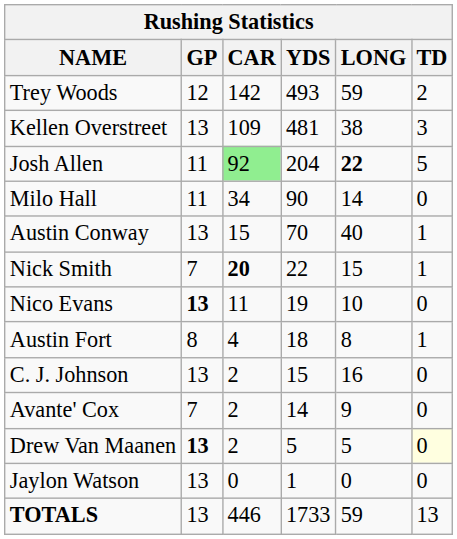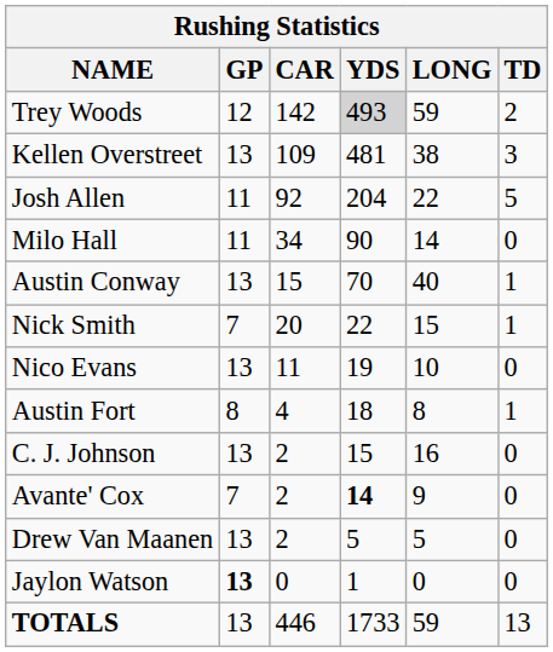 <table class="wikitable sortable collapsible collapsed">
 <tr>
 <th colspan="7">Rushing Statistics</th>
 </tr>
 <tr>
 <th>NAME</th>
 <th>GP</th>
 <th>CAR</th>
 <th>YDS</th>
 <th>LONG</th>
 <th>TD</th>
 </tr>
 <tr>
 <td>Trey Woods</td>
 <td>12</td>
 <td>142</td>
-<td>493</td>
+<td style="background: lightgrey;">493</td>
 <td>59</td>
 <td>2</td>
 </tr>
 <tr>
 <td>Kellen Overstreet</td>
 <td>13</td>
 <td>109</td>
 <td>481</td>
 <td>38</td>
 <td>3</td>
 </tr>
 <tr>
 <td>Josh Allen</td>
 <td>11</td>
-<td style="background: lightgreen;">92</td>
+<td>92</td>
 <td>204</td>
-<td><strong>22</strong></td>
+<td>22</td>
 <td>5</td>
 </tr>
 <tr>
 <td>Milo Hall</td>
 <td>11</td>
 <td>34</td>
 <td>90</td>
 <td>14</td>
 <td>0</td>
 </tr>
 <tr>
 <td>Austin Conway</td>
 <td>13</td>
 <td>15</td>
 <td>70</td>
 <td>40</td>
 <td>1</td>
 </tr>
 <tr>
 <td>Nick Smith</td>
 <td>7</td>
-<td><strong>20</strong></td>
+<td>20</td>
 <td>22</td>
 <td>15</td>
 <td>1</td>
 </tr>
 <tr>
 <td>Nico Evans</td>
-<td><strong>13</strong></td>
+<td>13</td>
 <td>11</td>
 <td>19</td>
 <td>10</td>
 <td>0</td>
 </tr>
 <tr>
 <td>Austin Fort</td>
 <td>8</td>
 <td>4</td>
 <td>18</td>
 <td>8</td>
 <td>1</td>
 </tr>
 <tr>
 <td>C. J. Johnson</td>
 <td>13</td>
 <td>2</td>
 <td>15</td>
 <td>16</td>
 <td>0</td>
 </tr>
 <tr>
 <td>Avante' Cox</td>
 <td>7</td>
 <td>2</td>
-<td>14</td>
+<td><strong>14</strong></td>
 <td>9</td>
 <td>0</td>
 </tr>
 <tr>
 <td>Drew Van Maanen</td>
-<td><strong>13</strong></td>
+<td>13</td>
 <td>2</td>
 <td>5</td>
 <td>5</td>
-<td style="background: lightyellow;">0</td>
+<td>0</td>
 </tr>
 <tr>
 <td>Jaylon Watson</td>
-<td>13</td>
+<td><strong>13</strong></td>
 <td>0</td>
 <td>1</td>
 <td>0</td>
 <td>0</td>
 </tr>
 <tr>
 <td><strong>TOTALS</strong></td>
 <td>13</td>
 <td>446</td>
 <td>1733</td>
 <td>59</td>
 <td>13</td>
 </tr>
 </table>
